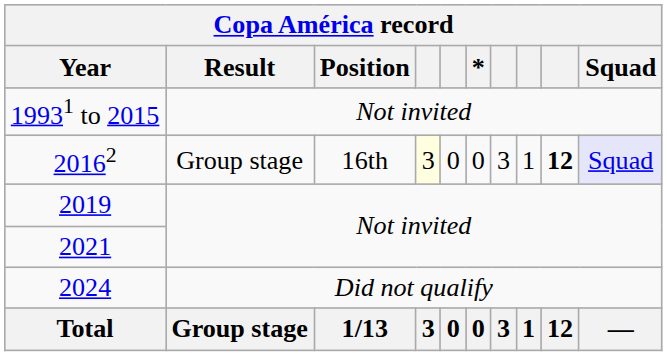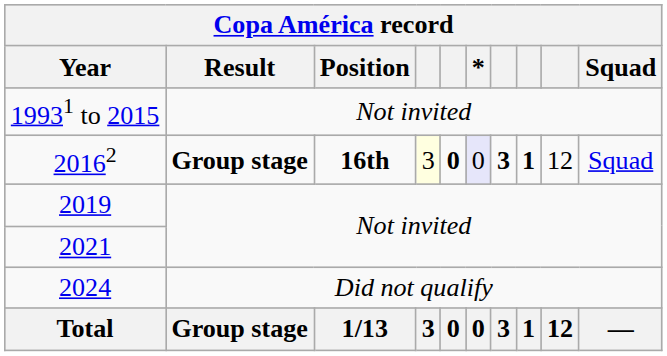 <table class="wikitable" style="text-align: center;">
 <tr>
 <th colspan=10><a href='#'>Copa América</a> record</th>
 </tr>
 <tr>
 <th>Year</th>
 <th>Result</th>
 <th>Position</th>
 <th></th>
 <th></th>
 <th>*</th>
 <th></th>
 <th></th>
 <th></th>
 <th>Squad</th>
 </tr>
 <tr>
 <td> <a href='#'>1993</a><sup>1</sup> to  <a href='#'>2015</a></td>
 <td colspan=9><em>Not invited</em></td>
 </tr>
 <tr>
 <td> <a href='#'>2016</a><sup>2</sup></td>
-<td>Group stage</td>
-<td>16th</td>
+<td><strong>Group stage</strong></td>
+<td><strong>16th</strong></td>
 <td style="background: lightyellow;">3</td>
-<td>0</td>
-<td>0</td>
-<td>3</td>
-<td>1</td>
-<td><strong>12</strong></td>
-<td style="background: lavender;"><a href='#'>Squad</a></td>
+<td><strong>0</strong></td>
+<td style="background: lavender;">0</td>
+<td><strong>3</strong></td>
+<td><strong>1</strong></td>
+<td>12</td>
+<td><a href='#'>Squad</a></td>
 </tr>
 <tr>
 <td> <a href='#'>2019</a></td>
 <td colspan=9 rowspan=2><em>Not invited</em></td>
 </tr>
 <tr>
 <td> <a href='#'>2021</a></td>
 </tr>
 <tr>
 <td> <a href='#'>2024</a></td>
 <td colspan=9><em>Did not qualify</em></td>
 </tr>
 <tr>
 <th>Total</th>
 <th>Group stage</th>
 <th>1/13</th>
 <th>3</th>
 <th>0</th>
 <th>0</th>
 <th>3</th>
 <th>1</th>
 <th>12</th>
 <th>—</th>
 </tr>
 </table>
